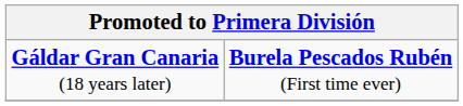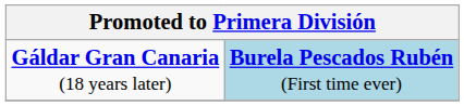 <table class="wikitable" style="text-align: center; margin: 0 auto;">
 <tr>
 <th colspan="3">Promoted to <a href='#'>Primera División</a></th>
 </tr>
 <tr>
 <td><strong><a href='#'>Gáldar Gran Canaria</a></strong><br><small>(18 years later)</small></td>
-<td><strong><a href='#'>Burela Pescados Rubén</a></strong><br><small>(First time ever)</small></td>
+<td style="background: lightblue;"><strong><a href='#'>Burela Pescados Rubén</a></strong><br><small>(First time ever)</small></td>
 </tr>
 <tr>
 </tr>
 </table>
